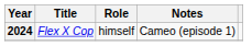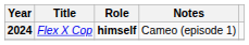 <table class="wikitable plainrowheaders sortable">
 <tr>
 <th scope="col">Year</th>
 <th scope="col">Title</th>
 <th scope="col">Role</th>
 <th scope="col" class="unsortable">Notes</th>
 <th scope="col" class="unsortable"></th>
 </tr>
 <tr>
 <th scope="row">2024</th>
 <td><em><a href='#'>Flex X Cop</a></td>
-<td>himself</td>
+<td><strong>himself</strong></td>
 <td>Cameo (episode 1)</td>
 <td style="text-align:center"></td>
 </tr>
 <tr>
 </tr>
 </table>
